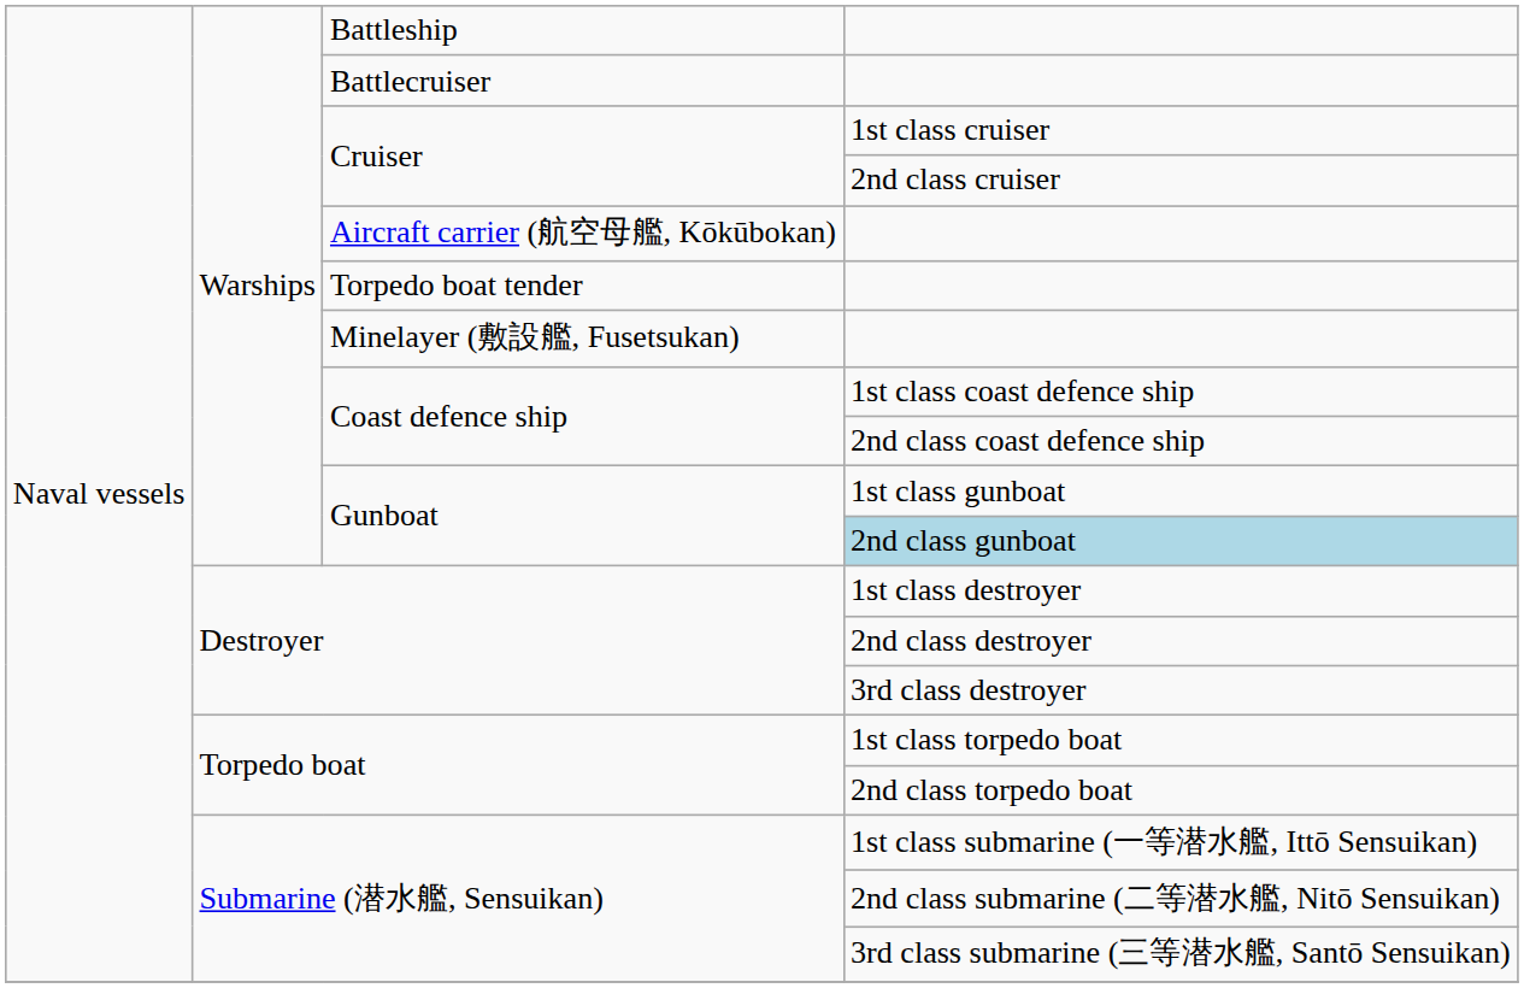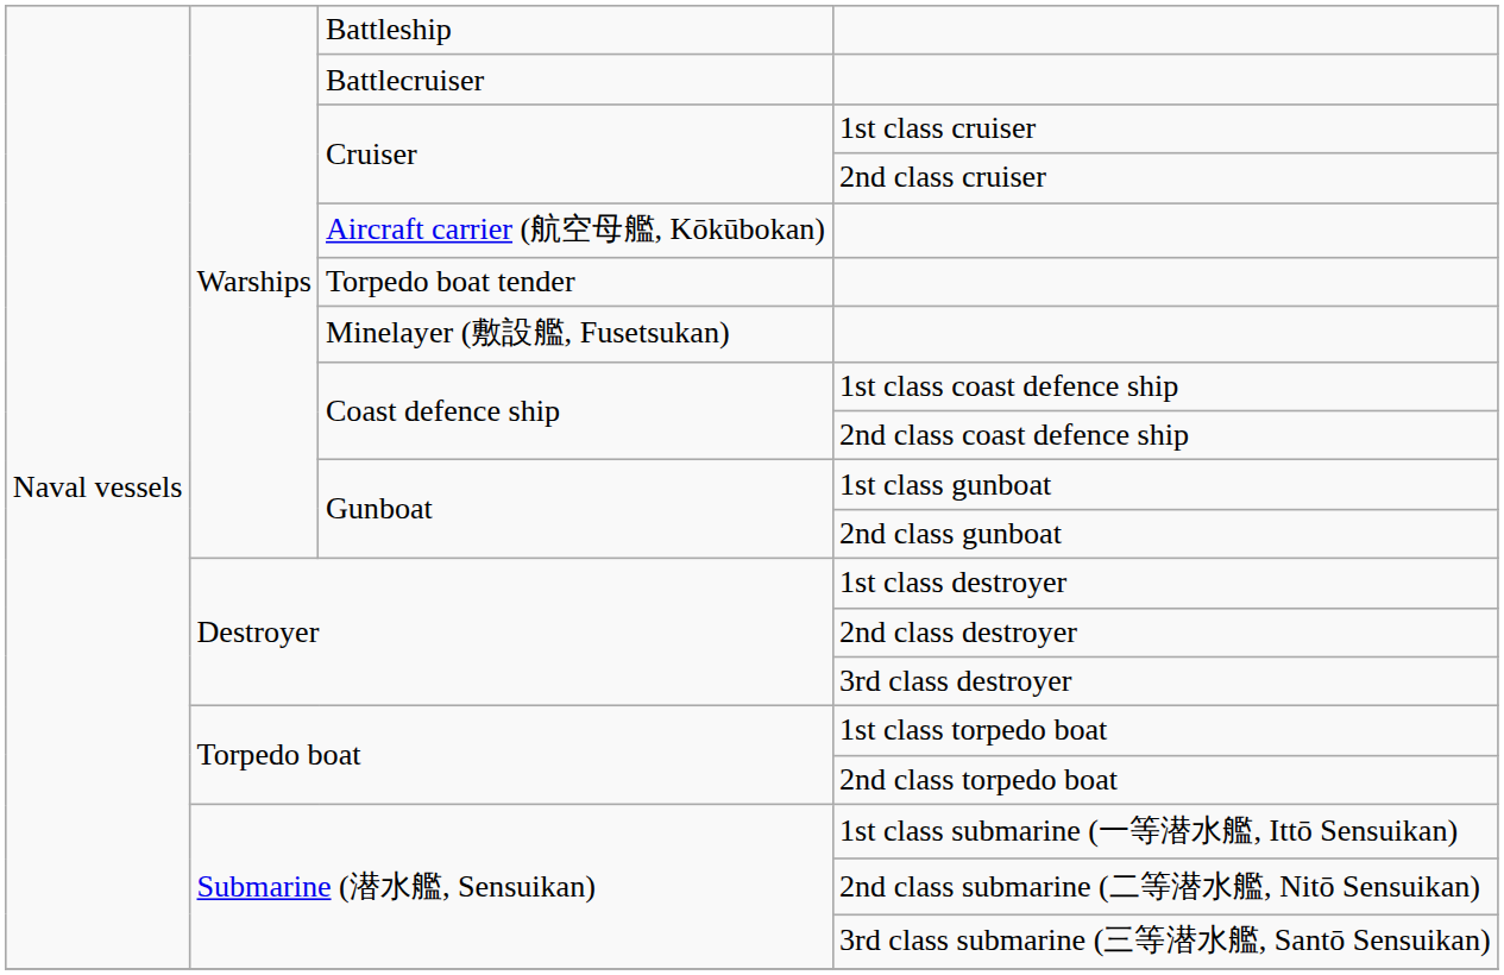 <table class="wikitable">
 <tr>
 <td rowspan="19">Naval vessels</td>
 <td rowspan="11">Warships</td>
 <td>Battleship</td>
 <td></td>
 </tr>
 <tr>
 <td>Battlecruiser</td>
 <td></td>
 </tr>
 <tr>
 <td rowspan="2">Cruiser</td>
 <td>1st class cruiser</td>
 </tr>
 <tr>
 <td>2nd class cruiser</td>
 </tr>
 <tr>
 <td><a href='#'>Aircraft carrier</a> (航空母艦, Kōkūbokan)</td>
 <td></td>
 </tr>
 <tr>
 <td>Torpedo boat tender</td>
 <td></td>
 </tr>
 <tr>
 <td>Minelayer (敷設艦, Fusetsukan)</td>
 <td></td>
 </tr>
 <tr>
 <td rowspan="2">Coast defence ship</td>
 <td>1st class coast defence ship</td>
 </tr>
 <tr>
 <td>2nd class coast defence ship</td>
 </tr>
 <tr>
 <td rowspan="2">Gunboat</td>
 <td>1st class gunboat</td>
 </tr>
 <tr>
-<td style="background: lightblue;">2nd class gunboat</td>
+<td>2nd class gunboat</td>
 </tr>
 <tr>
 <td colspan="2" rowspan="3">Destroyer</td>
 <td>1st class destroyer</td>
 </tr>
 <tr>
 <td>2nd class destroyer</td>
 </tr>
 <tr>
 <td>3rd class destroyer</td>
 </tr>
 <tr>
 <td colspan="2" rowspan="2">Torpedo boat</td>
 <td>1st class torpedo boat</td>
 </tr>
 <tr>
 <td>2nd class torpedo boat</td>
 </tr>
 <tr>
 <td rowspan="3" colspan="2"><a href='#'>Submarine</a> (潜水艦, Sensuikan)</td>
 <td>1st class submarine (一等潜水艦, Ittō Sensuikan)</td>
 </tr>
 <tr>
 <td>2nd class submarine (二等潜水艦, Nitō Sensuikan)</td>
 </tr>
 <tr>
 <td>3rd class submarine (三等潜水艦, Santō Sensuikan)</td>
 </tr>
 <tr>
 </tr>
 </table>
